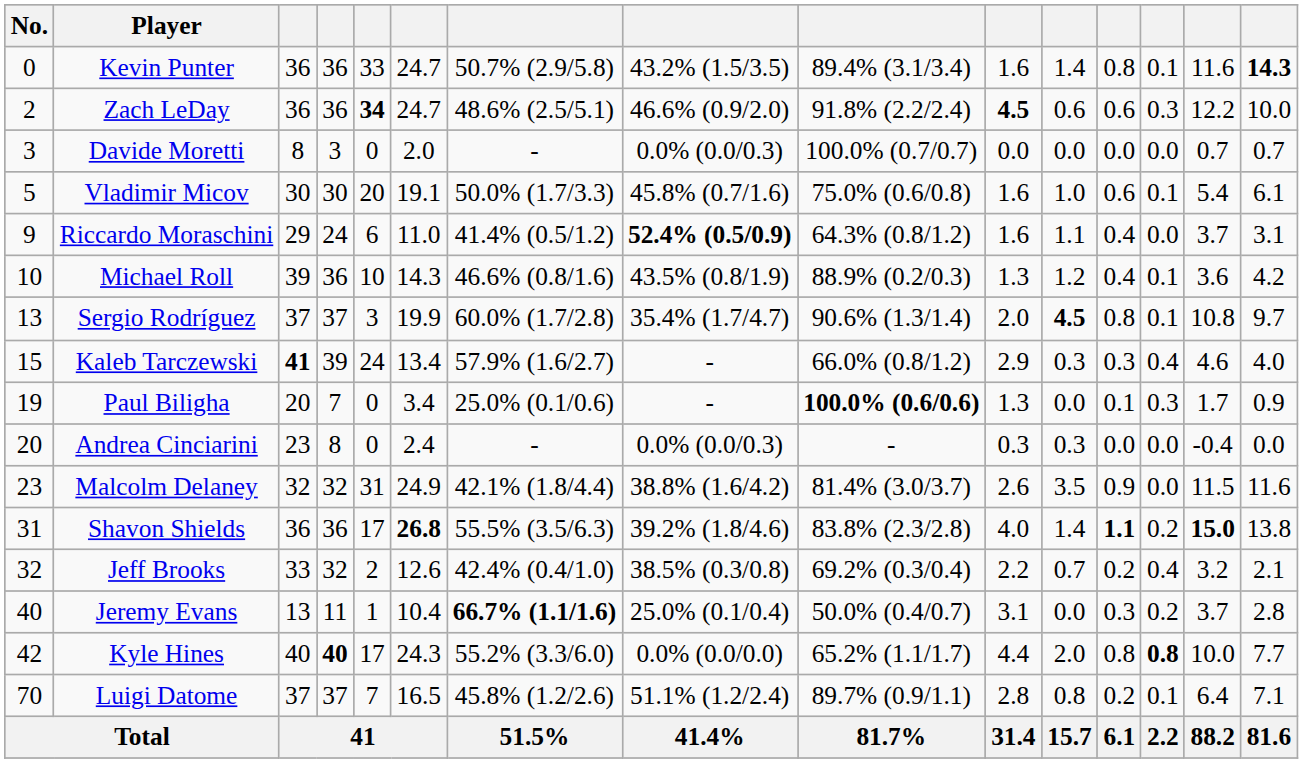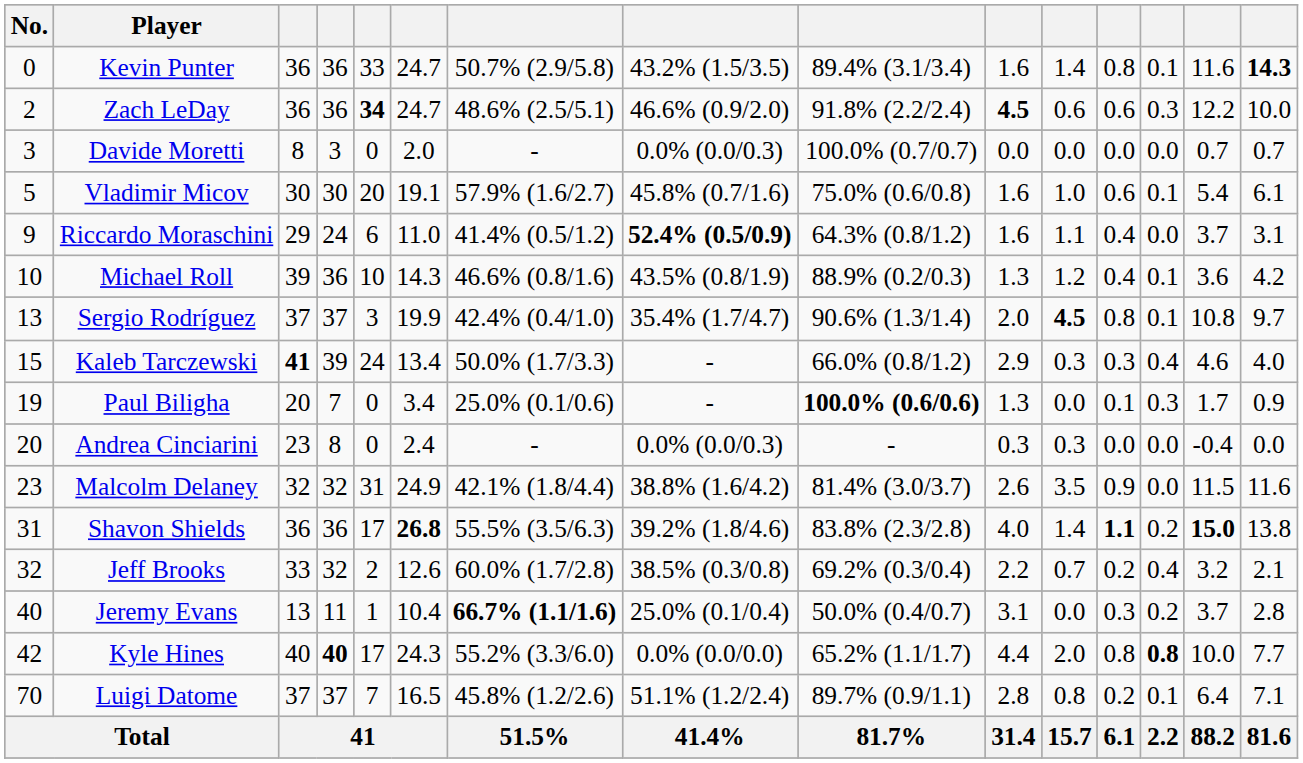 <table class="wikitable sortable" style="text-align:center; font-size:95%">
 <tr>
 <th>No.</th>
 <th>Player</th>
 <th></th>
 <th></th>
 <th></th>
 <th></th>
 <th></th>
 <th></th>
 <th></th>
 <th></th>
 <th></th>
 <th></th>
 <th></th>
 <th></th>
 <th></th>
 </tr>
 <tr>
 <td>0</td>
 <td><a href='#'>Kevin Punter</a></td>
 <td>36</td>
 <td>36</td>
 <td>33</td>
 <td>24.7</td>
 <td>50.7% (2.9/5.8)</td>
 <td>43.2% (1.5/3.5)</td>
 <td>89.4% (3.1/3.4)</td>
 <td>1.6</td>
 <td>1.4</td>
 <td>0.8</td>
 <td>0.1</td>
 <td>11.6</td>
 <td><strong>14.3</strong></td>
 </tr>
 <tr>
 <td>2</td>
 <td><a href='#'>Zach LeDay</a></td>
 <td>36</td>
 <td>36</td>
 <td><strong>34</strong></td>
 <td>24.7</td>
 <td>48.6% (2.5/5.1)</td>
 <td>46.6% (0.9/2.0)</td>
 <td>91.8% (2.2/2.4)</td>
 <td><strong>4.5</strong></td>
 <td>0.6</td>
 <td>0.6</td>
 <td>0.3</td>
 <td>12.2</td>
 <td>10.0</td>
 </tr>
 <tr>
 <td>3</td>
 <td><a href='#'>Davide Moretti</a></td>
 <td>8</td>
 <td>3</td>
 <td>0</td>
 <td>2.0</td>
 <td>-</td>
 <td>0.0% (0.0/0.3)</td>
 <td>100.0% (0.7/0.7)</td>
 <td>0.0</td>
 <td>0.0</td>
 <td>0.0</td>
 <td>0.0</td>
 <td>0.7</td>
 <td>0.7</td>
 </tr>
 <tr>
 <td>5</td>
 <td><a href='#'>Vladimir Micov</a></td>
 <td>30</td>
 <td>30</td>
 <td>20</td>
 <td>19.1</td>
-<td>50.0% (1.7/3.3)</td>
+<td>57.9% (1.6/2.7)</td>
 <td>45.8% (0.7/1.6)</td>
 <td>75.0% (0.6/0.8)</td>
 <td>1.6</td>
 <td>1.0</td>
 <td>0.6</td>
 <td>0.1</td>
 <td>5.4</td>
 <td>6.1</td>
 </tr>
 <tr>
 <td>9</td>
 <td><a href='#'>Riccardo Moraschini</a></td>
 <td>29</td>
 <td>24</td>
 <td>6</td>
 <td>11.0</td>
 <td>41.4% (0.5/1.2)</td>
 <td><strong>52.4% (0.5/0.9)</strong></td>
 <td>64.3% (0.8/1.2)</td>
 <td>1.6</td>
 <td>1.1</td>
 <td>0.4</td>
 <td>0.0</td>
 <td>3.7</td>
 <td>3.1</td>
 </tr>
 <tr>
 <td>10</td>
 <td><a href='#'>Michael Roll</a></td>
 <td>39</td>
 <td>36</td>
 <td>10</td>
 <td>14.3</td>
 <td>46.6% (0.8/1.6)</td>
 <td>43.5% (0.8/1.9)</td>
 <td>88.9% (0.2/0.3)</td>
 <td>1.3</td>
 <td>1.2</td>
 <td>0.4</td>
 <td>0.1</td>
 <td>3.6</td>
 <td>4.2</td>
 </tr>
 <tr>
 <td>13</td>
 <td><a href='#'>Sergio Rodríguez</a></td>
 <td>37</td>
 <td>37</td>
 <td>3</td>
 <td>19.9</td>
-<td>60.0% (1.7/2.8)</td>
+<td>42.4% (0.4/1.0)</td>
 <td>35.4% (1.7/4.7)</td>
 <td>90.6% (1.3/1.4)</td>
 <td>2.0</td>
 <td><strong>4.5</strong></td>
 <td>0.8</td>
 <td>0.1</td>
 <td>10.8</td>
 <td>9.7</td>
 </tr>
 <tr>
 <td>15</td>
 <td><a href='#'>Kaleb Tarczewski</a></td>
 <td><strong>41</strong></td>
 <td>39</td>
 <td>24</td>
 <td>13.4</td>
-<td>57.9% (1.6/2.7)</td>
+<td>50.0% (1.7/3.3)</td>
 <td>-</td>
 <td>66.0% (0.8/1.2)</td>
 <td>2.9</td>
 <td>0.3</td>
 <td>0.3</td>
 <td>0.4</td>
 <td>4.6</td>
 <td>4.0</td>
 </tr>
 <tr>
 <td>19</td>
 <td><a href='#'>Paul Biligha</a></td>
 <td>20</td>
 <td>7</td>
 <td>0</td>
 <td>3.4</td>
 <td>25.0% (0.1/0.6)</td>
 <td>-</td>
 <td><strong>100.0% (0.6/0.6)</strong></td>
 <td>1.3</td>
 <td>0.0</td>
 <td>0.1</td>
 <td>0.3</td>
 <td>1.7</td>
 <td>0.9</td>
 </tr>
 <tr>
 <td>20</td>
 <td><a href='#'>Andrea Cinciarini</a></td>
 <td>23</td>
 <td>8</td>
 <td>0</td>
 <td>2.4</td>
 <td>-</td>
 <td>0.0% (0.0/0.3)</td>
 <td>-</td>
 <td>0.3</td>
 <td>0.3</td>
 <td>0.0</td>
 <td>0.0</td>
 <td>-0.4</td>
 <td>0.0</td>
 </tr>
 <tr>
 <td>23</td>
 <td><a href='#'>Malcolm Delaney</a></td>
 <td>32</td>
 <td>32</td>
 <td>31</td>
 <td>24.9</td>
 <td>42.1% (1.8/4.4)</td>
 <td>38.8% (1.6/4.2)</td>
 <td>81.4% (3.0/3.7)</td>
 <td>2.6</td>
 <td>3.5</td>
 <td>0.9</td>
 <td>0.0</td>
 <td>11.5</td>
 <td>11.6</td>
 </tr>
 <tr>
 <td>31</td>
 <td><a href='#'>Shavon Shields</a></td>
 <td>36</td>
 <td>36</td>
 <td>17</td>
 <td><strong>26.8</strong></td>
 <td>55.5% (3.5/6.3)</td>
 <td>39.2% (1.8/4.6)</td>
 <td>83.8% (2.3/2.8)</td>
 <td>4.0</td>
 <td>1.4</td>
 <td><strong>1.1</strong></td>
 <td>0.2</td>
 <td><strong>15.0</strong></td>
 <td>13.8</td>
 </tr>
 <tr>
 <td>32</td>
 <td><a href='#'>Jeff Brooks</a></td>
 <td>33</td>
 <td>32</td>
 <td>2</td>
 <td>12.6</td>
-<td>42.4% (0.4/1.0)</td>
+<td>60.0% (1.7/2.8)</td>
 <td>38.5% (0.3/0.8)</td>
 <td>69.2% (0.3/0.4)</td>
 <td>2.2</td>
 <td>0.7</td>
 <td>0.2</td>
 <td>0.4</td>
 <td>3.2</td>
 <td>2.1</td>
 </tr>
 <tr>
 <td>40</td>
 <td><a href='#'>Jeremy Evans</a></td>
 <td>13</td>
 <td>11</td>
 <td>1</td>
 <td>10.4</td>
 <td><strong>66.7% (1.1/1.6)</strong></td>
 <td>25.0% (0.1/0.4)</td>
 <td>50.0% (0.4/0.7)</td>
 <td>3.1</td>
 <td>0.0</td>
 <td>0.3</td>
 <td>0.2</td>
 <td>3.7</td>
 <td>2.8</td>
 </tr>
 <tr>
 <td>42</td>
 <td><a href='#'>Kyle Hines</a></td>
 <td>40</td>
 <td><strong>40</strong></td>
 <td>17</td>
 <td>24.3</td>
 <td>55.2% (3.3/6.0)</td>
 <td>0.0% (0.0/0.0)</td>
 <td>65.2% (1.1/1.7)</td>
 <td>4.4</td>
 <td>2.0</td>
 <td>0.8</td>
 <td><strong>0.8</strong></td>
 <td>10.0</td>
 <td>7.7</td>
 </tr>
 <tr>
 <td>70</td>
 <td><a href='#'>Luigi Datome</a></td>
 <td>37</td>
 <td>37</td>
 <td>7</td>
 <td>16.5</td>
 <td>45.8% (1.2/2.6)</td>
 <td>51.1% (1.2/2.4)</td>
 <td>89.7% (0.9/1.1)</td>
 <td>2.8</td>
 <td>0.8</td>
 <td>0.2</td>
 <td>0.1</td>
 <td>6.4</td>
 <td>7.1</td>
 </tr>
 <tr class="sortbottom">
 <th colspan=2>Total</th>
 <th colspan=4>41</th>
 <th>51.5%</th>
 <th>41.4%</th>
 <th>81.7%</th>
 <th>31.4</th>
 <th>15.7</th>
 <th>6.1</th>
 <th>2.2</th>
 <th>88.2</th>
 <th>81.6</th>
 </tr>
 </table>
